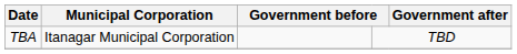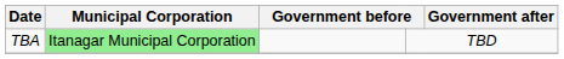 <table class="wikitable sortable" style="text-align:center;">
 <tr>
 <th>Date</th>
 <th>Municipal Corporation</th>
 <th colspan=2>Government before</th>
 <th colspan=2>Government after</th>
 </tr>
 <tr>
 <td><em>TBA</em></td>
-<td>Itanagar Municipal Corporation</td>
+<td style="background: lightgreen;">Itanagar Municipal Corporation</td>
 <td></td>
 <td colspan=2><em>TBD</em></td>
 </tr>
 <tr>
 </tr>
 </table>
